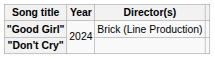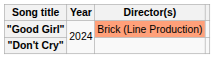 <table class="wikitable plainrowheaders" style="text-align:center">
 <tr>
 <th scope="col">Song title</th>
 <th scope="col">Year</th>
 <th scope="col">Director(s)</th>
 <th scope="col" class="unsortable"></th>
 </tr>
 <tr>
 <th scope="row">"Good Girl"</th>
 <td rowspan="2">2024</td>
-<td>Brick (Line Production)</td>
+<td style="background: lightsalmon;">Brick (Line Production)</td>
 <td></td>
 </tr>
 <tr>
 <th scope="row">"Don't Cry"</th>
 <td></td>
 <td></td>
 </tr>
 </table>
